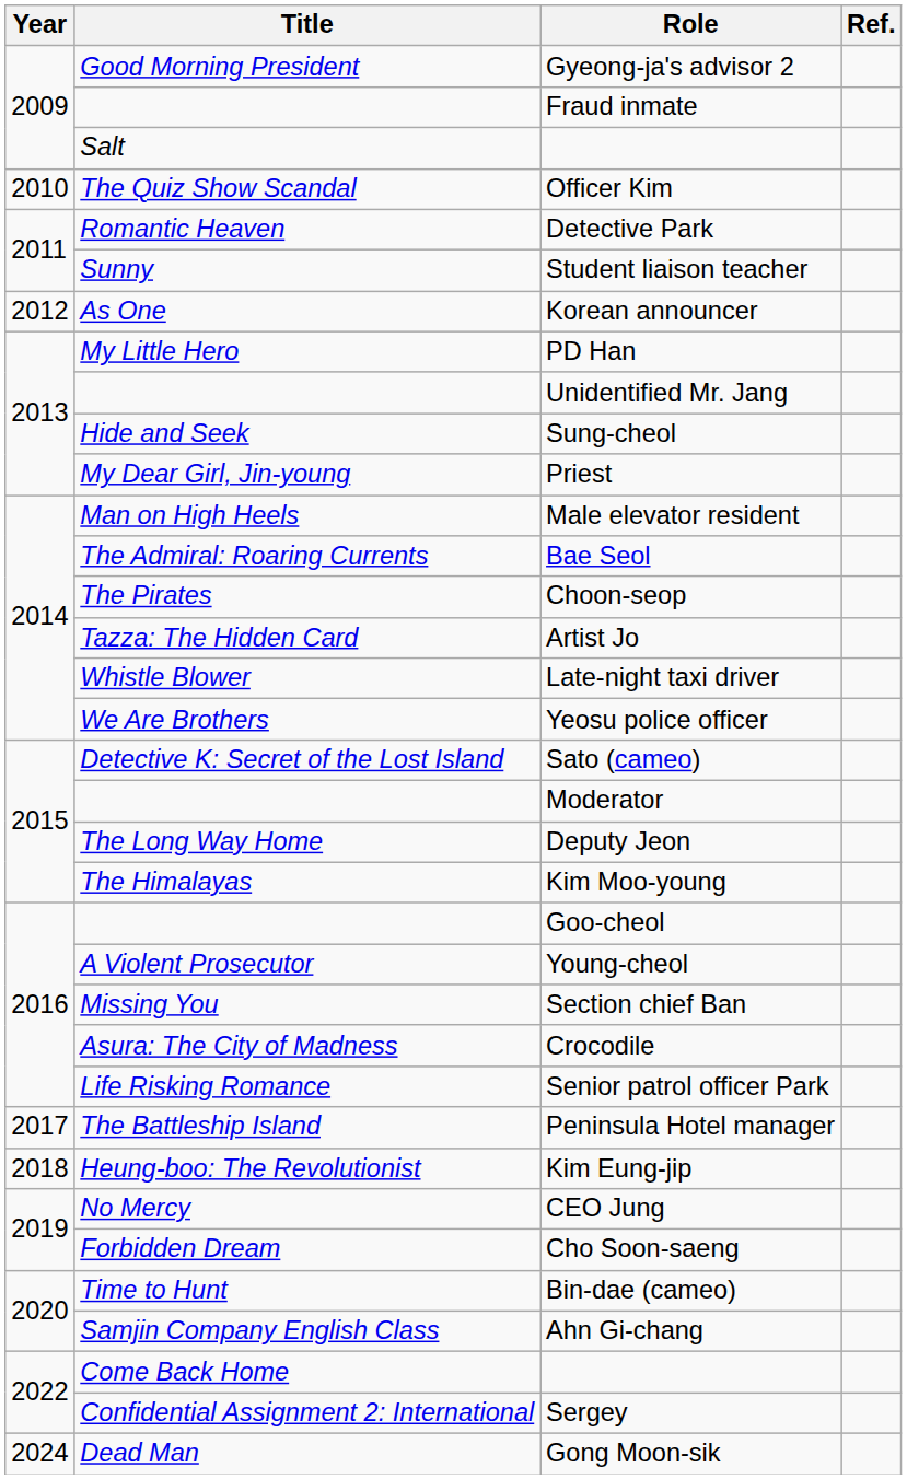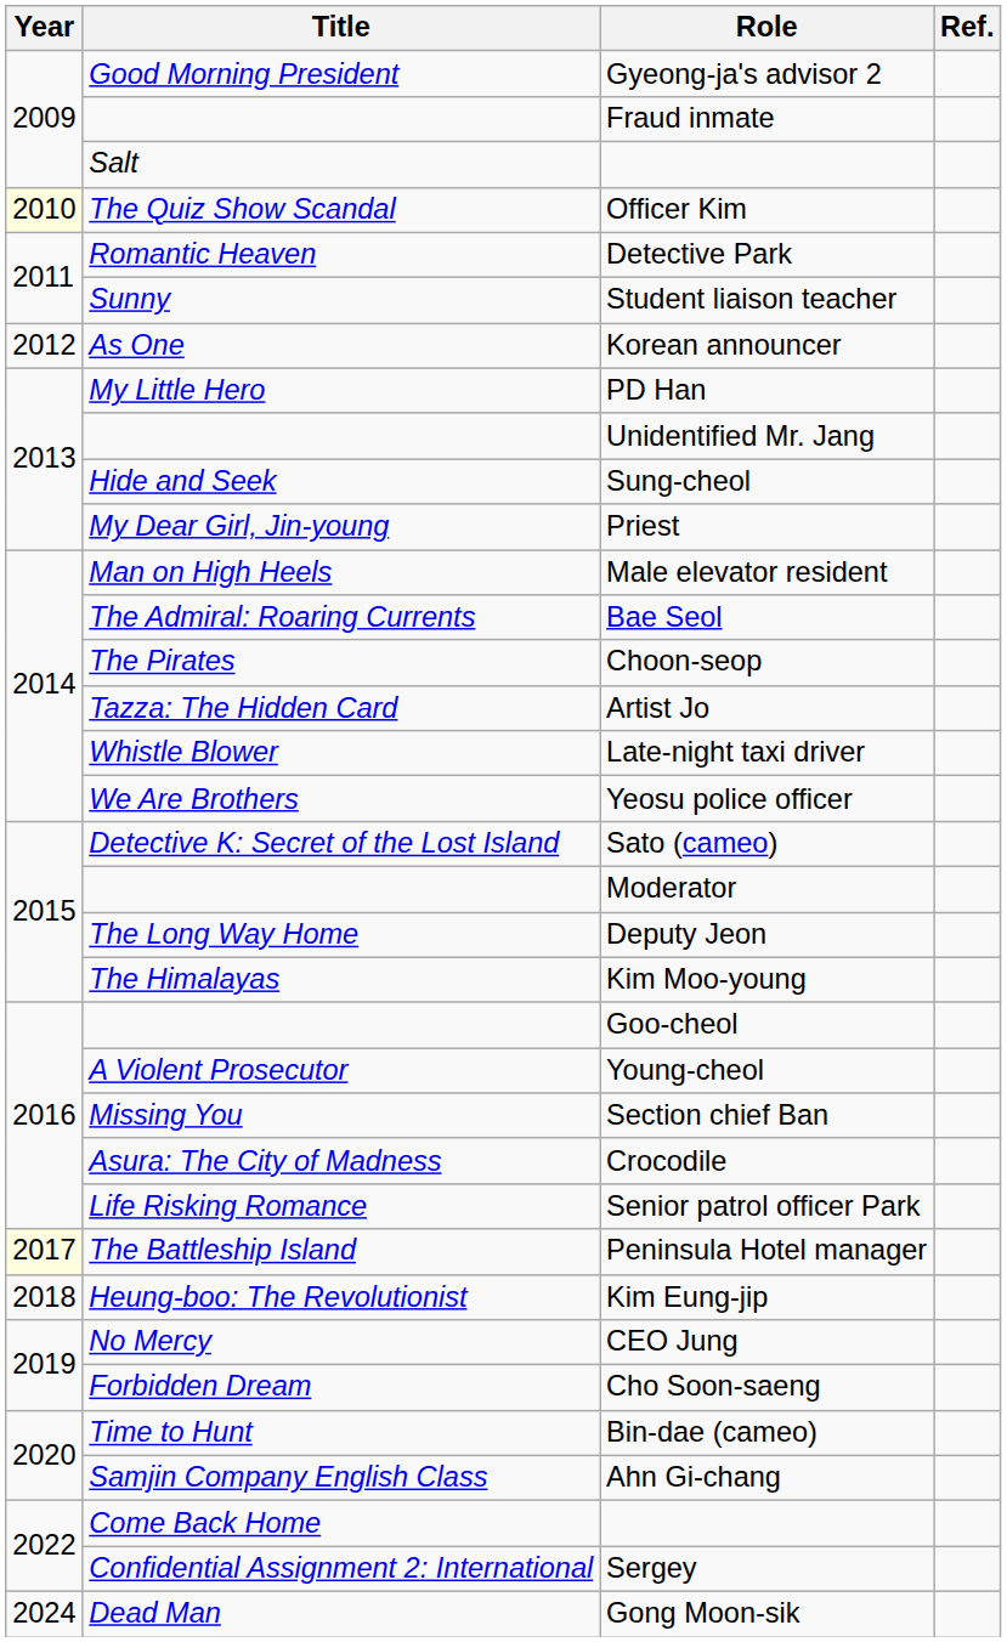 <table class="wikitable sortable">
 <tr>
 <th>Year</th>
 <th>Title</th>
 <th>Role</th>
 <th>Ref.</th>
 </tr>
 <tr>
 <td rowspan=3>2009</td>
 <td><em><a href='#'>Good Morning President</a></em></td>
 <td>Gyeong-ja's advisor 2</td>
 <td></td>
 </tr>
 <tr>
 <td><em></em></td>
 <td>Fraud inmate</td>
 <td></td>
 </tr>
 <tr>
 <td><em>Salt</em> </td>
 <td></td>
 <td></td>
 </tr>
 <tr>
-<td>2010</td>
+<td style="background: lightyellow;">2010</td>
 <td><em><a href='#'>The Quiz Show Scandal</a></em></td>
 <td>Officer Kim</td>
 <td></td>
 </tr>
 <tr>
 <td rowspan=2>2011</td>
 <td><em><a href='#'>Romantic Heaven</a></em></td>
 <td>Detective Park</td>
 <td></td>
 </tr>
 <tr>
 <td><em><a href='#'>Sunny</a></em></td>
 <td>Student liaison teacher</td>
 <td></td>
 </tr>
 <tr>
 <td>2012</td>
 <td><em><a href='#'>As One</a></em></td>
 <td>Korean announcer</td>
 <td></td>
 </tr>
 <tr>
 <td rowspan=4>2013</td>
 <td><em><a href='#'>My Little Hero</a></em></td>
 <td>PD Han</td>
 <td></td>
 </tr>
 <tr>
 <td><em></em></td>
 <td>Unidentified Mr. Jang</td>
 <td></td>
 </tr>
 <tr>
 <td><em><a href='#'>Hide and Seek</a></em></td>
 <td>Sung-cheol</td>
 <td></td>
 </tr>
 <tr>
 <td><em><a href='#'>My Dear Girl, Jin-young</a></em></td>
 <td>Priest</td>
 <td></td>
 </tr>
 <tr>
 <td rowspan=6>2014</td>
 <td><em><a href='#'>Man on High Heels</a></em></td>
 <td>Male elevator resident</td>
 <td></td>
 </tr>
 <tr>
 <td><em><a href='#'>The Admiral: Roaring Currents</a></em></td>
 <td><a href='#'>Bae Seol</a></td>
 <td></td>
 </tr>
 <tr>
 <td><em><a href='#'>The Pirates</a></em></td>
 <td>Choon-seop</td>
 <td></td>
 </tr>
 <tr>
 <td><em><a href='#'>Tazza: The Hidden Card</a></em></td>
 <td>Artist Jo</td>
 <td></td>
 </tr>
 <tr>
 <td><em><a href='#'>Whistle Blower</a></em></td>
 <td>Late-night taxi driver</td>
 <td></td>
 </tr>
 <tr>
 <td><em><a href='#'>We Are Brothers</a></em></td>
 <td>Yeosu police officer</td>
 <td></td>
 </tr>
 <tr>
 <td rowspan=4>2015</td>
 <td><em><a href='#'>Detective K: Secret of the Lost Island</a></em></td>
 <td>Sato (<a href='#'>cameo</a>)</td>
 <td></td>
 </tr>
 <tr>
 <td><em></em></td>
 <td>Moderator</td>
 <td></td>
 </tr>
 <tr>
 <td><em><a href='#'>The Long Way Home</a></em></td>
 <td>Deputy Jeon</td>
 <td></td>
 </tr>
 <tr>
 <td><em><a href='#'>The Himalayas</a></em></td>
 <td>Kim Moo-young</td>
 <td></td>
 </tr>
 <tr>
 <td rowspan=5>2016</td>
 <td><em></em></td>
 <td>Goo-cheol</td>
 <td></td>
 </tr>
 <tr>
 <td><em><a href='#'>A Violent Prosecutor</a></em></td>
 <td>Young-cheol</td>
 <td></td>
 </tr>
 <tr>
 <td><em><a href='#'>Missing You</a></em></td>
 <td>Section chief Ban</td>
 <td></td>
 </tr>
 <tr>
 <td><em><a href='#'>Asura: The City of Madness</a></em></td>
 <td>Crocodile</td>
 <td></td>
 </tr>
 <tr>
 <td><em><a href='#'>Life Risking Romance</a></em></td>
 <td>Senior patrol officer Park</td>
 <td></td>
 </tr>
 <tr>
-<td>2017</td>
+<td style="background: lightyellow;">2017</td>
 <td><em><a href='#'>The Battleship Island</a></em></td>
 <td>Peninsula Hotel manager</td>
 <td></td>
 </tr>
 <tr>
 <td>2018</td>
 <td><em><a href='#'>Heung-boo: The Revolutionist</a></em></td>
 <td>Kim Eung-jip</td>
 <td></td>
 </tr>
 <tr>
 <td rowspan=2>2019</td>
 <td><em><a href='#'>No Mercy</a></em></td>
 <td>CEO Jung</td>
 <td></td>
 </tr>
 <tr>
 <td><em><a href='#'>Forbidden Dream</a></em></td>
 <td>Cho Soon-saeng</td>
 <td></td>
 </tr>
 <tr>
 <td rowspan=2>2020</td>
 <td><em><a href='#'>Time to Hunt</a></em></td>
 <td>Bin-dae (cameo)</td>
 <td></td>
 </tr>
 <tr>
 <td><em><a href='#'>Samjin Company English Class</a></em></td>
 <td>Ahn Gi-chang</td>
 <td></td>
 </tr>
 <tr>
 <td rowspan="2">2022</td>
 <td><em><a href='#'>Come Back Home</a></em></td>
 <td></td>
 <td></td>
 </tr>
 <tr>
 <td><em><a href='#'>Confidential Assignment 2: International</a></em></td>
 <td>Sergey</td>
 <td></td>
 </tr>
 <tr>
 <td>2024</td>
 <td><em><a href='#'>Dead Man</a></em></td>
 <td>Gong Moon-sik</td>
 <td></td>
 </tr>
 </table>
